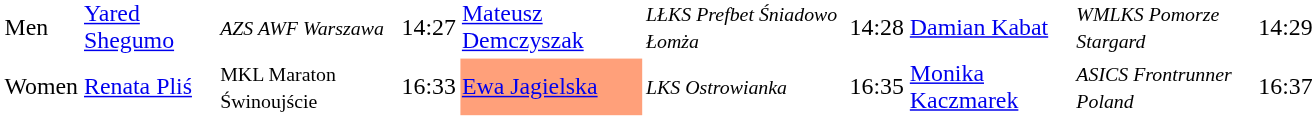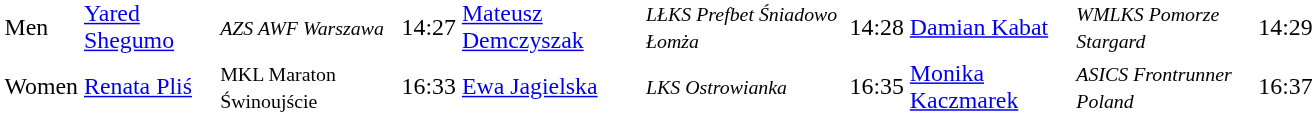 <table>
 <tr>
 <td>Men</td>
 <td><a href='#'>Yared Shegumo</a></td>
 <td><small><em>AZS AWF Warszawa</em></small></td>
 <td>14:27</td>
 <td><a href='#'>Mateusz Demczyszak</a></td>
 <td><small><em>LŁKS Prefbet Śniadowo Łomża</em></small></td>
 <td>14:28</td>
 <td><a href='#'>Damian Kabat</a></td>
 <td><small><em>WMLKS Pomorze Stargard</em></small></td>
 <td>14:29</td>
 </tr>
 <tr>
 <td>Women</td>
 <td><a href='#'>Renata Pliś</a></td>
 <td><small>MKL Maraton Świnoujście</small></td>
 <td>16:33</td>
-<td style="background: lightsalmon;"><a href='#'>Ewa Jagielska</a></td>
+<td><a href='#'>Ewa Jagielska</a></td>
 <td><small><em>LKS Ostrowianka</em></small></td>
 <td>16:35</td>
 <td><a href='#'>Monika Kaczmarek</a></td>
 <td><small><em>ASICS Frontrunner Poland</em></small></td>
 <td>16:37</td>
 </tr>
 </table>
